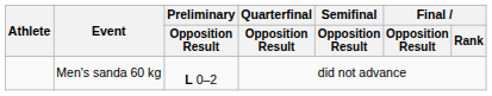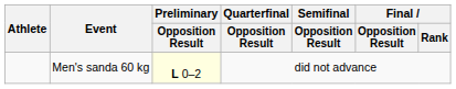 <table class="wikitable" style="font-size:90%">
 <tr>
 <th rowspan=2>Athlete</th>
 <th rowspan=2>Event</th>
 <th>Preliminary</th>
 <th>Quarterfinal</th>
 <th>Semifinal</th>
 <th colspan=2>Final / </th>
 </tr>
 <tr style="font-size: 95%">
 <th>Opposition<br>Result</th>
 <th>Opposition<br>Result</th>
 <th>Opposition<br>Result</th>
 <th>Opposition<br>Result</th>
 <th>Rank</th>
 </tr>
 <tr align=center>
 <td align=left></td>
 <td>Men's sanda 60 kg</td>
-<td><br><strong>L</strong> 0–2</td>
+<td style="background: lightyellow;"><br><strong>L</strong> 0–2</td>
 <td colspan=4>did not advance</td>
 </tr>
 </table>
